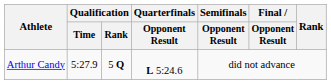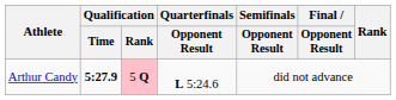 <table class="wikitable" style="font-size:90%;text-align:center;">
 <tr>
 <th rowspan=2>Athlete</th>
 <th colspan=2>Qualification</th>
 <th>Quarterfinals</th>
 <th>Semifinals</th>
 <th>Final / </th>
 <th rowspan=2>Rank</th>
 </tr>
 <tr style="font-size:95%">
 <th>Time</th>
 <th>Rank</th>
 <th>Opponent<br>Result</th>
 <th>Opponent<br>Result</th>
 <th>Opponent<br>Result</th>
 </tr>
 <tr>
 <td style="text-align:left;"><a href='#'>Arthur Candy</a></td>
-<td>5:27.9</td>
-<td>5 <strong>Q</strong></td>
+<td><strong>5:27.9</strong></td>
+<td style="background: pink;">5 <strong>Q</strong></td>
 <td><br><strong>L</strong> 5:24.6</td>
 <td colspan=3>did not advance</td>
 </tr>
 </table>
